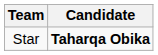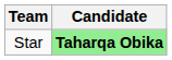 <table class="wikitable" style="text-align:center">
 <tr>
 <th>Team</th>
 <th>Candidate</th>
 </tr>
 <tr>
 <td>Star</td>
-<td><strong>Taharqa Obika</strong></td>
+<td style="background: lightgreen;"><strong>Taharqa Obika</strong></td>
 </tr>
 </table>
